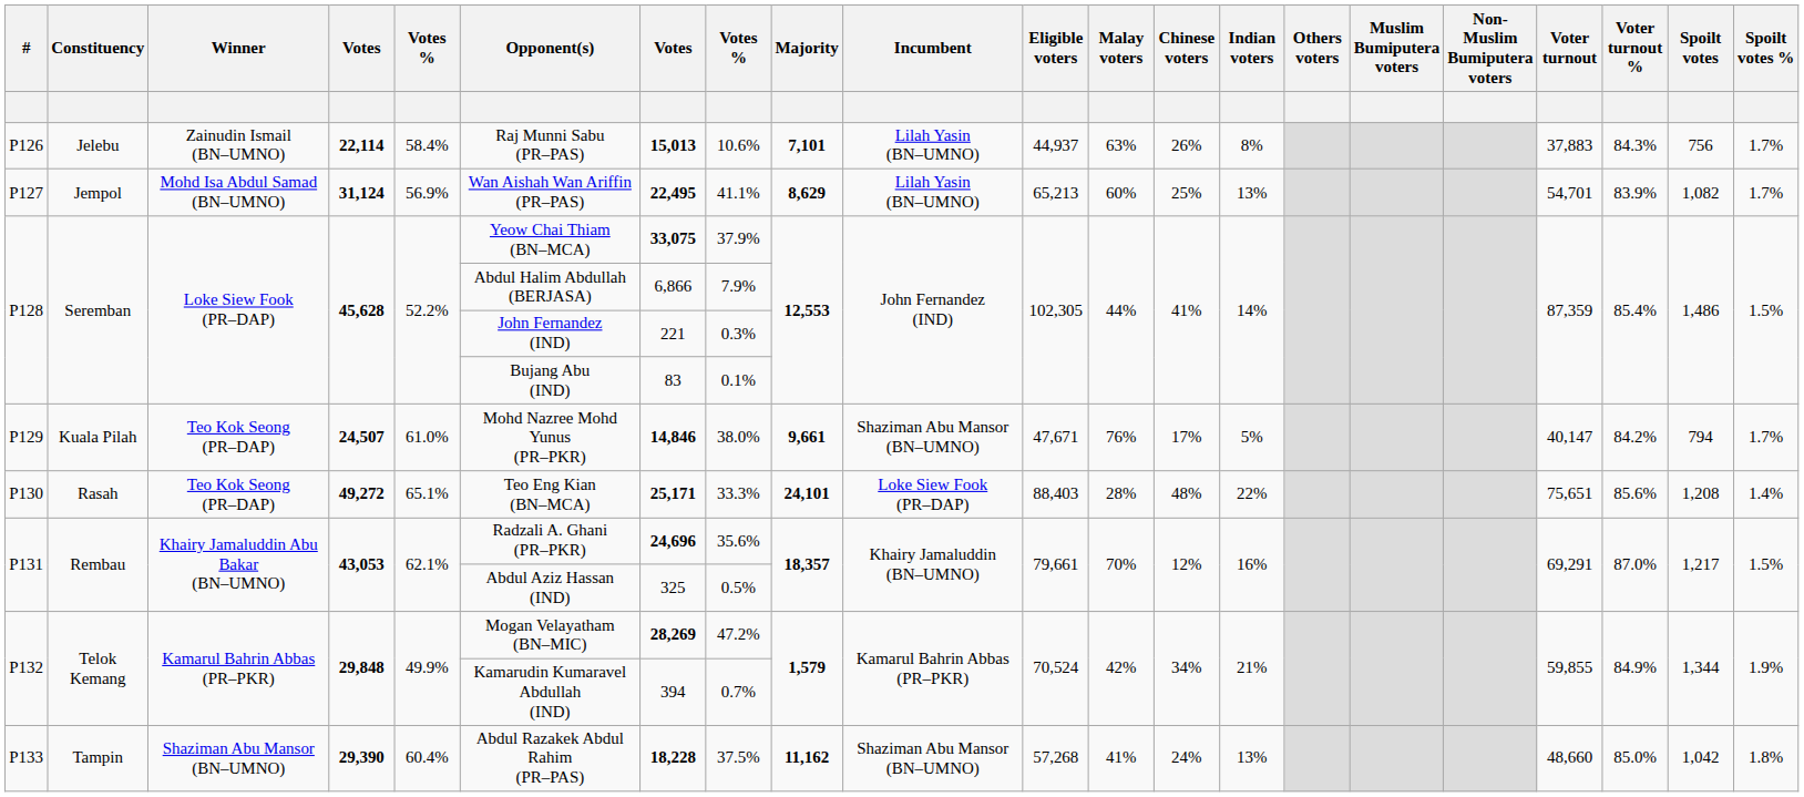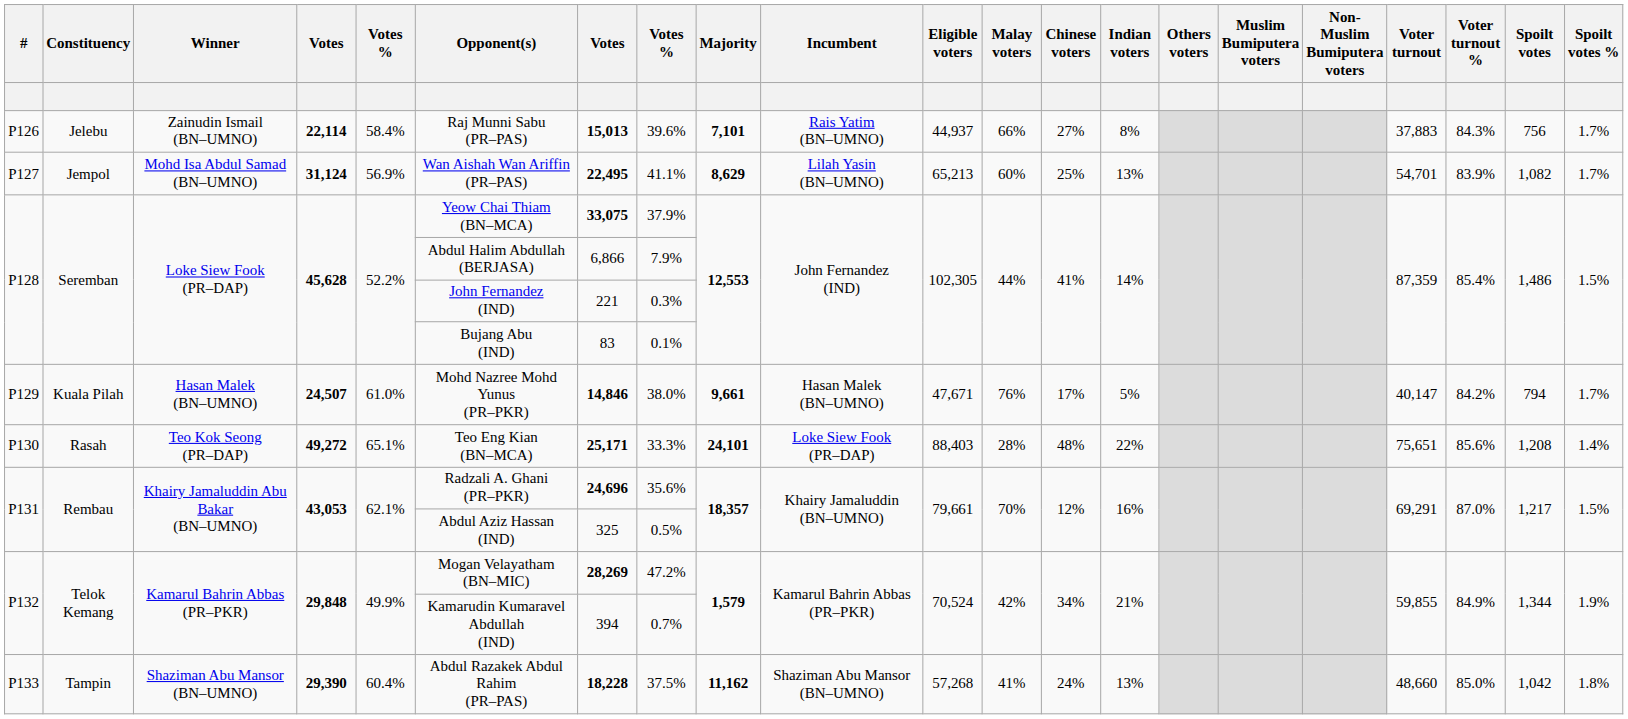 <table class="wikitable sortable" style="text-align:center; font-size:90%">
 <tr>
 <th width="30">#</th>
 <th width="60">Constituency</th>
 <th width="150">Winner</th>
 <th width="50">Votes</th>
 <th width="50">Votes %</th>
 <th width="150">Opponent(s)</th>
 <th width="50">Votes</th>
 <th width="50">Votes %</th>
 <th width="50">Majority</th>
 <th width="150">Incumbent</th>
 <th width="50">Eligible voters</th>
 <th width="50">Malay voters</th>
 <th width="50">Chinese voters</th>
 <th width="50">Indian voters</th>
 <th width="50">Others voters</th>
 <th width="50">Muslim Bumiputera voters</th>
 <th width="50">Non-Muslim Bumiputera voters</th>
 <th width="50">Voter turnout</th>
 <th width="50">Voter turnout %</th>
 <th width="50">Spoilt votes</th>
 <th width="50">Spoilt votes %</th>
 </tr>
 <tr>
 <th height="20"></th>
 <th></th>
 <th></th>
 <th></th>
 <th></th>
 <th></th>
 <th></th>
 <th></th>
 <th></th>
 <th></th>
 <th></th>
 <th></th>
 <th></th>
 <th></th>
 <th></th>
 <th></th>
 <th></th>
 <th></th>
 <th></th>
 <th></th>
 <th></th>
 </tr>
 <tr>
 <td>P126</td>
 <td>Jelebu</td>
 <td>Zainudin Ismail<br>(BN–UMNO)</td>
 <td><strong>22,114</strong></td>
 <td>58.4%</td>
 <td>Raj Munni Sabu<br>(PR–PAS)</td>
 <td><strong>15,013</strong></td>
-<td>10.6%</td>
+<td>39.6%</td>
 <td><strong>7,101</strong></td>
-<td><a href='#'>Lilah Yasin</a><br>(BN–UMNO)</td>
+<td><a href='#'>Rais Yatim</a><br>(BN–UMNO)</td>
 <td>44,937</td>
-<td>63%</td>
-<td>26%</td>
+<td>66%</td>
+<td>27%</td>
 <td>8%</td>
 <td bgcolor="dcdcdc"></td>
 <td bgcolor="dcdcdc"></td>
 <td bgcolor="dcdcdc"></td>
 <td>37,883</td>
 <td>84.3%</td>
 <td>756</td>
 <td>1.7%</td>
 </tr>
 <tr>
 <td>P127</td>
 <td>Jempol</td>
 <td><a href='#'>Mohd Isa Abdul Samad</a><br>(BN–UMNO)</td>
 <td><strong>31,124</strong></td>
 <td>56.9%</td>
 <td><a href='#'>Wan Aishah Wan Ariffin</a><br>(PR–PAS)</td>
 <td><strong>22,495</strong></td>
 <td>41.1%</td>
 <td><strong>8,629</strong></td>
 <td><a href='#'>Lilah Yasin</a><br>(BN–UMNO)</td>
 <td>65,213</td>
 <td>60%</td>
 <td>25%</td>
 <td>13%</td>
 <td bgcolor="dcdcdc"></td>
 <td bgcolor="dcdcdc"></td>
 <td bgcolor="dcdcdc"></td>
 <td>54,701</td>
 <td>83.9%</td>
 <td>1,082</td>
 <td>1.7%</td>
 </tr>
 <tr>
 <td rowspan="4">P128</td>
 <td rowspan="4">Seremban</td>
 <td rowspan="4"><a href='#'>Loke Siew Fook</a><br>(PR–DAP)</td>
 <td rowspan="4"><strong>45,628</strong></td>
 <td rowspan="4">52.2%</td>
 <td><a href='#'>Yeow Chai Thiam</a><br>(BN–MCA)</td>
 <td><strong>33,075</strong></td>
 <td>37.9%</td>
 <td rowspan="4"><strong>12,553</strong></td>
 <td rowspan="4">John Fernandez<br>(IND)</td>
 <td rowspan="4">102,305</td>
 <td rowspan="4">44%</td>
 <td rowspan="4">41%</td>
 <td rowspan="4">14%</td>
 <td rowspan="4" bgcolor="dcdcdc"></td>
 <td rowspan="4" bgcolor="dcdcdc"></td>
 <td rowspan="4" bgcolor="dcdcdc"></td>
 <td rowspan="4">87,359</td>
 <td rowspan="4">85.4%</td>
 <td rowspan="4">1,486</td>
 <td rowspan="4">1.5%</td>
 </tr>
 <tr>
 <td>Abdul Halim Abdullah<br>(BERJASA)</td>
 <td>6,866</td>
 <td>7.9%</td>
 </tr>
 <tr>
 <td><a href='#'>John Fernandez</a><br>(IND)</td>
 <td>221</td>
 <td>0.3%</td>
 </tr>
 <tr>
 <td>Bujang Abu<br>(IND)</td>
 <td>83</td>
 <td>0.1%</td>
 </tr>
 <tr>
 <td>P129</td>
 <td>Kuala Pilah</td>
-<td><a href='#'>Teo Kok Seong</a><br>(PR–DAP)</td>
+<td><a href='#'>Hasan Malek</a><br>(BN–UMNO)</td>
 <td><strong>24,507</strong></td>
 <td>61.0%</td>
 <td>Mohd Nazree Mohd Yunus<br>(PR–PKR)</td>
 <td><strong>14,846</strong></td>
 <td>38.0%</td>
 <td><strong>9,661</strong></td>
-<td>Shaziman Abu Mansor<br>(BN–UMNO)</td>
+<td>Hasan Malek<br>(BN–UMNO)</td>
 <td>47,671</td>
 <td>76%</td>
 <td>17%</td>
 <td>5%</td>
 <td bgcolor="dcdcdc"></td>
 <td bgcolor="dcdcdc"></td>
 <td bgcolor="dcdcdc"></td>
 <td>40,147</td>
 <td>84.2%</td>
 <td>794</td>
 <td>1.7%</td>
 </tr>
 <tr>
 <td>P130</td>
 <td>Rasah</td>
 <td><a href='#'>Teo Kok Seong</a><br>(PR–DAP)</td>
 <td><strong>49,272</strong></td>
 <td>65.1%</td>
 <td>Teo Eng Kian<br>(BN–MCA)</td>
 <td><strong>25,171</strong></td>
 <td>33.3%</td>
 <td><strong>24,101</strong></td>
 <td><a href='#'>Loke Siew Fook</a><br>(PR–DAP)</td>
 <td>88,403</td>
 <td>28%</td>
 <td>48%</td>
 <td>22%</td>
 <td bgcolor="dcdcdc"></td>
 <td bgcolor="dcdcdc"></td>
 <td bgcolor="dcdcdc"></td>
 <td>75,651</td>
 <td>85.6%</td>
 <td>1,208</td>
 <td>1.4%</td>
 </tr>
 <tr>
 <td rowspan="2">P131</td>
 <td rowspan="2">Rembau</td>
 <td rowspan="2"><a href='#'>Khairy Jamaluddin Abu Bakar</a><br>(BN–UMNO)</td>
 <td rowspan="2"><strong>43,053</strong></td>
 <td rowspan="2">62.1%</td>
 <td>Radzali A. Ghani<br>(PR–PKR)</td>
 <td><strong>24,696</strong></td>
 <td>35.6%</td>
 <td rowspan="2"><strong>18,357</strong></td>
 <td rowspan="2">Khairy Jamaluddin<br>(BN–UMNO)</td>
 <td rowspan="2">79,661</td>
 <td rowspan="2">70%</td>
 <td rowspan="2">12%</td>
 <td rowspan="2">16%</td>
 <td rowspan="2" bgcolor="dcdcdc"></td>
 <td rowspan="2" bgcolor="dcdcdc"></td>
 <td rowspan="2" bgcolor="dcdcdc"></td>
 <td rowspan="2">69,291</td>
 <td rowspan="2">87.0%</td>
 <td rowspan="2">1,217</td>
 <td rowspan="2">1.5%</td>
 </tr>
 <tr>
 <td>Abdul Aziz Hassan<br>(IND)</td>
 <td>325</td>
 <td>0.5%</td>
 </tr>
 <tr>
 <td rowspan="2">P132</td>
 <td rowspan="2">Telok Kemang</td>
 <td rowspan="2"><a href='#'>Kamarul Bahrin Abbas</a><br>(PR–PKR)</td>
 <td rowspan="2"><strong>29,848</strong></td>
 <td rowspan="2">49.9%</td>
 <td>Mogan Velayatham<br>(BN–MIC)</td>
 <td><strong>28,269</strong></td>
 <td>47.2%</td>
 <td rowspan="2"><strong>1,579</strong></td>
 <td rowspan="2">Kamarul Bahrin Abbas<br>(PR–PKR)</td>
 <td rowspan="2">70,524</td>
 <td rowspan="2">42%</td>
 <td rowspan="2">34%</td>
 <td rowspan="2">21%</td>
 <td rowspan="2" bgcolor="dcdcdc"></td>
 <td rowspan="2" bgcolor="dcdcdc"></td>
 <td rowspan="2" bgcolor="dcdcdc"></td>
 <td rowspan="2">59,855</td>
 <td rowspan="2">84.9%</td>
 <td rowspan="2">1,344</td>
 <td rowspan="2">1.9%</td>
 </tr>
 <tr>
 <td>Kamarudin Kumaravel Abdullah<br>(IND)</td>
 <td>394</td>
 <td>0.7%</td>
 </tr>
 <tr>
 <td>P133</td>
 <td>Tampin</td>
 <td><a href='#'>Shaziman Abu Mansor</a><br>(BN–UMNO)</td>
 <td><strong>29,390</strong></td>
 <td>60.4%</td>
 <td>Abdul Razakek Abdul Rahim<br>(PR–PAS)</td>
 <td><strong>18,228</strong></td>
 <td>37.5%</td>
 <td><strong>11,162</strong></td>
 <td>Shaziman Abu Mansor<br>(BN–UMNO)</td>
 <td>57,268</td>
 <td>41%</td>
 <td>24%</td>
 <td>13%</td>
 <td bgcolor="dcdcdc"></td>
 <td bgcolor="dcdcdc"></td>
 <td bgcolor="dcdcdc"></td>
 <td>48,660</td>
 <td>85.0%</td>
 <td>1,042</td>
 <td>1.8%</td>
 </tr>
 </table>
